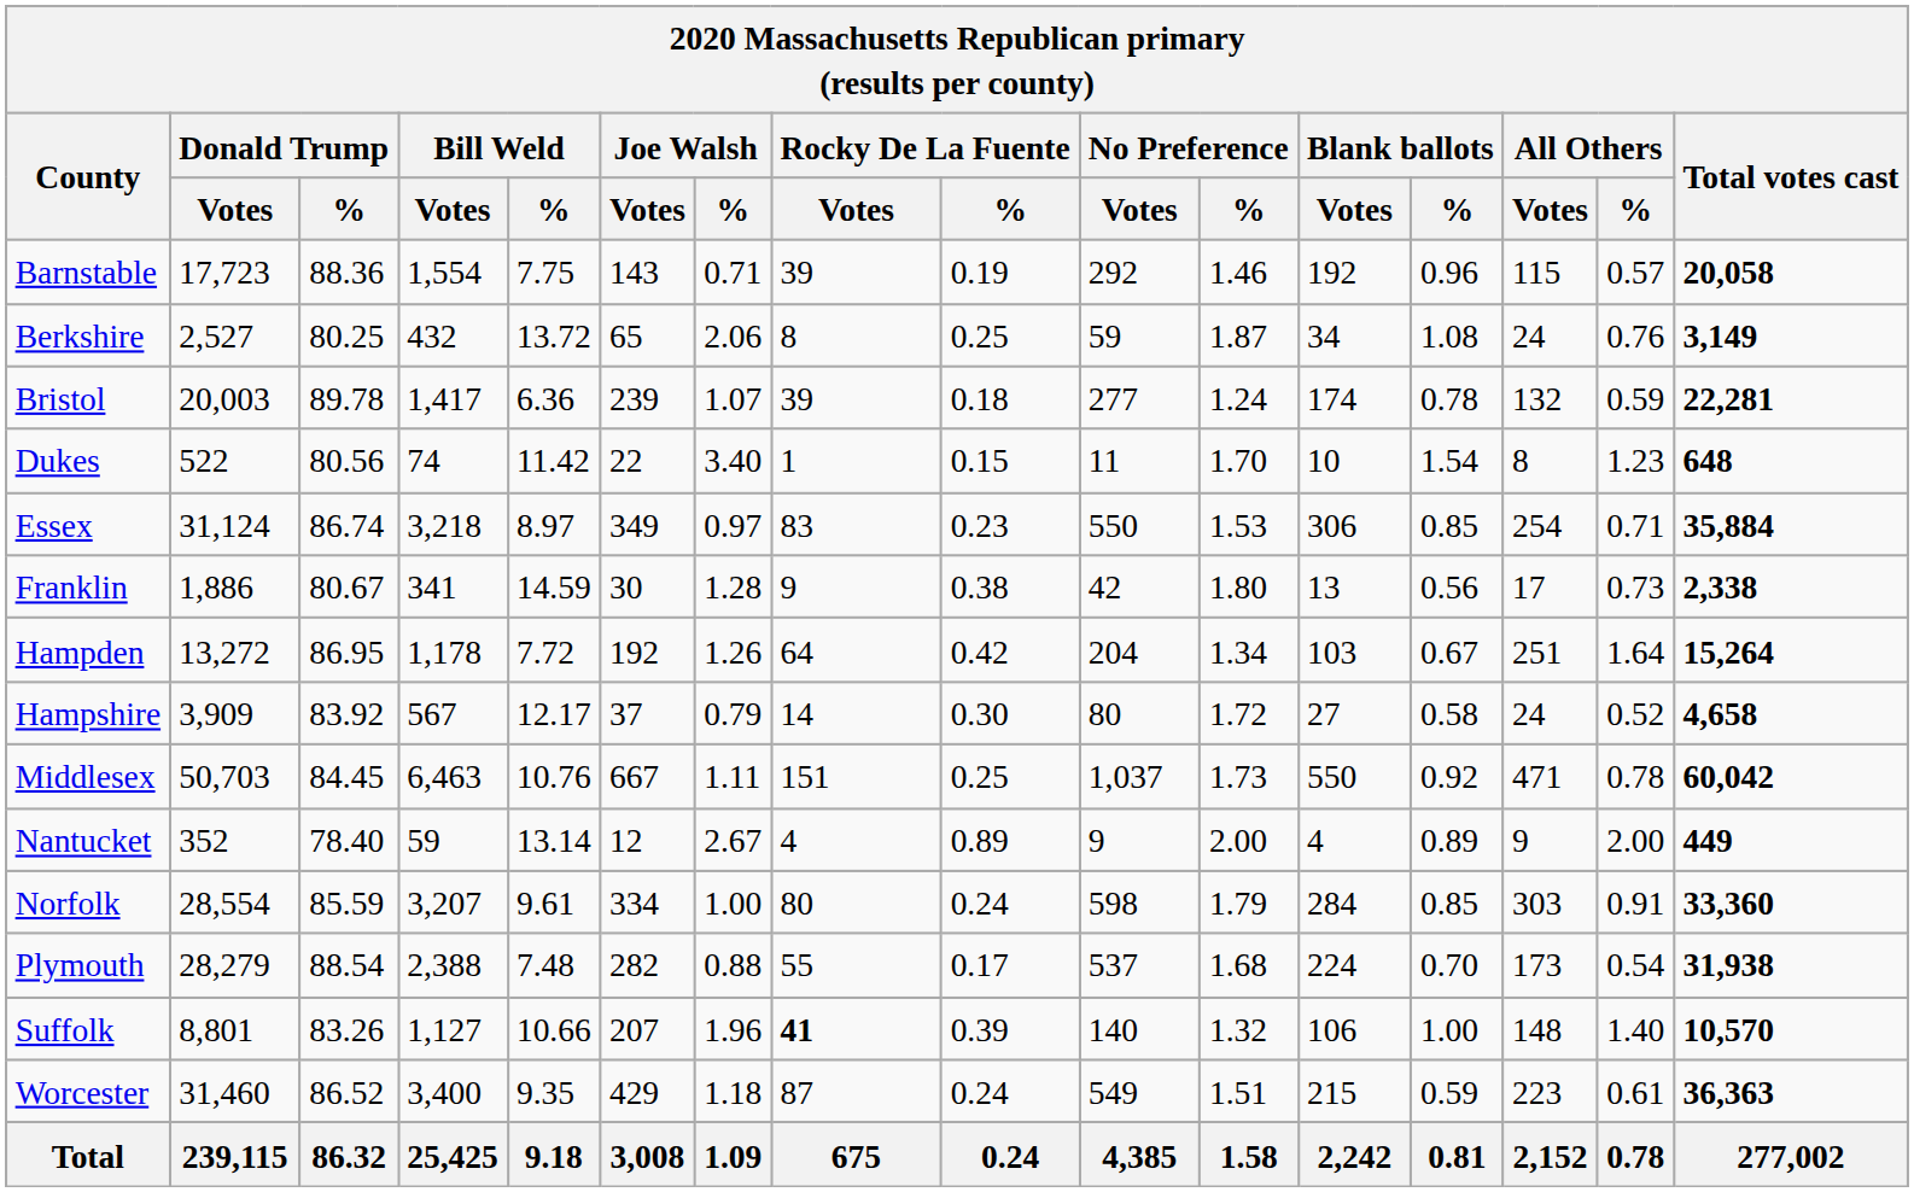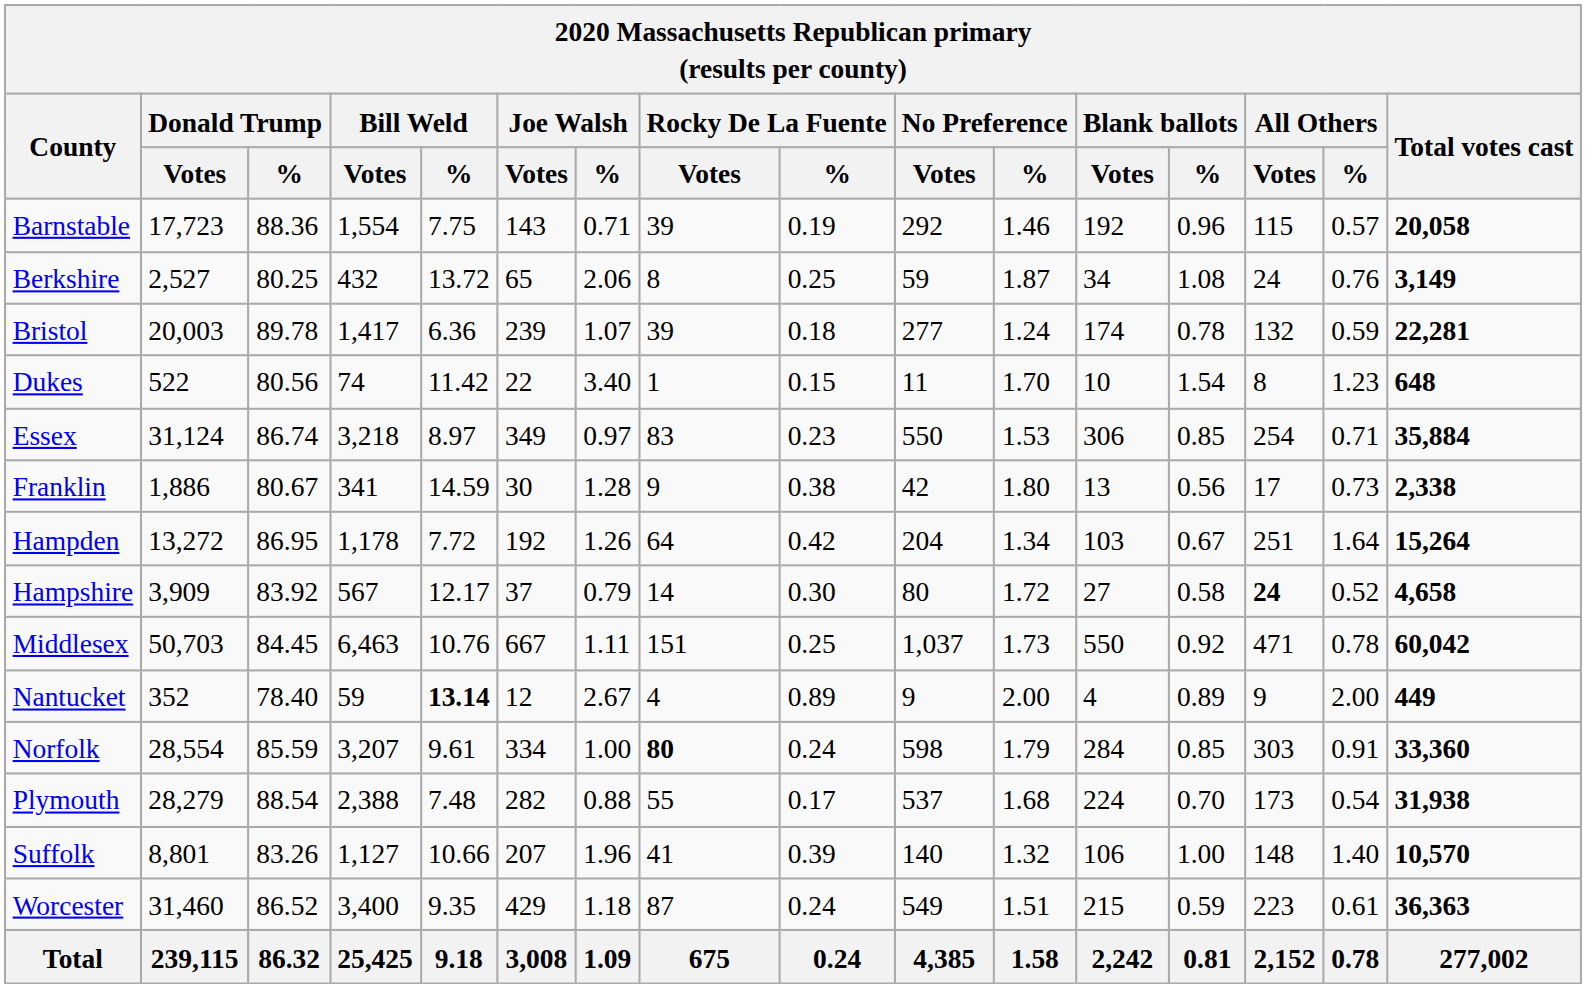 <table class="wikitable sortable mw-collapsible mw-collapsed">
 <tr>
 <th colspan="16"><small>2020 Massachusetts Republican primary</small><br><small>(results per county)</small></th>
 </tr>
 <tr>
 <th rowspan="2"><small>County</small></th>
 <th colspan="2"><small>Donald Trump</small></th>
 <th colspan="2"><small>Bill Weld</small></th>
 <th colspan="2"><small>Joe Walsh</small></th>
 <th colspan="2"><small>Rocky De La Fuente</small></th>
 <th colspan="2"><small>No Preference</small></th>
 <th colspan="2"><small>Blank ballots</small></th>
 <th colspan="2"><small>All Others</small></th>
 <th rowspan="2"><small>Total votes cast</small></th>
 </tr>
 <tr>
 <th><small>Votes</small></th>
 <th><small>%</small></th>
 <th><small>Votes</small></th>
 <th><small>%</small></th>
 <th><small>Votes</small></th>
 <th><small>%</small></th>
 <th><small>Votes</small></th>
 <th><small>%</small></th>
 <th><small>Votes</small></th>
 <th><small>%</small></th>
 <th><small>Votes</small></th>
 <th><small>%</small></th>
 <th><small>Votes</small></th>
 <th><small>%</small></th>
 </tr>
 <tr>
 <td><a href='#'><small>Barnstable</small></a></td>
 <td><small>17,723</small></td>
 <td><small>88.36</small></td>
 <td><small>1,554</small></td>
 <td><small>7.75</small></td>
 <td><small>143</small></td>
 <td><small>0.71</small></td>
 <td><small>39</small></td>
 <td><small>0.19</small></td>
 <td><small>292</small></td>
 <td><small>1.46</small></td>
 <td><small>192</small></td>
 <td><small>0.96</small></td>
 <td><small>115</small></td>
 <td><small>0.57</small></td>
 <td><strong><small>20,058</small></strong></td>
 </tr>
 <tr>
 <td><a href='#'><small>Berkshire</small></a></td>
 <td><small>2,527</small></td>
 <td><small>80.25</small></td>
 <td><small>432</small></td>
 <td><small>13.72</small></td>
 <td><small>65</small></td>
 <td><small>2.06</small></td>
 <td><small>8</small></td>
 <td><small>0.25</small></td>
 <td><small>59</small></td>
 <td><small>1.87</small></td>
 <td><small>34</small></td>
 <td><small>1.08</small></td>
 <td><small>24</small></td>
 <td><small>0.76</small></td>
 <td><strong><small>3,149</small></strong></td>
 </tr>
 <tr>
 <td><a href='#'><small>Bristol</small></a></td>
 <td><small>20,003</small></td>
 <td><small>89.78</small></td>
 <td><small>1,417</small></td>
 <td><small>6.36</small></td>
 <td><small>239</small></td>
 <td><small>1.07</small></td>
 <td><small>39</small></td>
 <td><small>0.18</small></td>
 <td><small>277</small></td>
 <td><small>1.24</small></td>
 <td><small>174</small></td>
 <td><small>0.78</small></td>
 <td><small>132</small></td>
 <td><small>0.59</small></td>
 <td><strong><small>22,281</small></strong></td>
 </tr>
 <tr>
 <td><a href='#'><small>Dukes</small></a></td>
 <td><small>522</small></td>
 <td><small>80.56</small></td>
 <td><small>74</small></td>
 <td><small>11.42</small></td>
 <td><small>22</small></td>
 <td><small>3.40</small></td>
 <td><small>1</small></td>
 <td><small>0.15</small></td>
 <td><small>11</small></td>
 <td><small>1.70</small></td>
 <td><small>10</small></td>
 <td><small>1.54</small></td>
 <td><small>8</small></td>
 <td><small>1.23</small></td>
 <td><strong><small>648</small></strong></td>
 </tr>
 <tr>
 <td><a href='#'><small>Essex</small></a></td>
 <td><small>31,124</small></td>
 <td><small>86.74</small></td>
 <td><small>3,218</small></td>
 <td><small>8.97</small></td>
 <td><small>349</small></td>
 <td><small>0.97</small></td>
 <td><small>83</small></td>
 <td><small>0.23</small></td>
 <td><small>550</small></td>
 <td><small>1.53</small></td>
 <td><small>306</small></td>
 <td><small>0.85</small></td>
 <td><small>254</small></td>
 <td><small>0.71</small></td>
 <td><strong><small>35,884</small></strong></td>
 </tr>
 <tr>
 <td><a href='#'><small>Franklin</small></a></td>
 <td><small>1,886</small></td>
 <td><small>80.67</small></td>
 <td><small>341</small></td>
 <td><small>14.59</small></td>
 <td><small>30</small></td>
 <td><small>1.28</small></td>
 <td><small>9</small></td>
 <td><small>0.38</small></td>
 <td><small>42</small></td>
 <td><small>1.80</small></td>
 <td><small>13</small></td>
 <td><small>0.56</small></td>
 <td><small>17</small></td>
 <td><small>0.73</small></td>
 <td><strong><small>2,338</small></strong></td>
 </tr>
 <tr>
 <td><a href='#'><small>Hampden</small></a></td>
 <td><small>13,272</small></td>
 <td><small>86.95</small></td>
 <td><small>1,178</small></td>
 <td><small>7.72</small></td>
 <td><small>192</small></td>
 <td><small>1.26</small></td>
 <td><small>64</small></td>
 <td><small>0.42</small></td>
 <td><small>204</small></td>
 <td><small>1.34</small></td>
 <td><small>103</small></td>
 <td><small>0.67</small></td>
 <td><small>251</small></td>
 <td><small>1.64</small></td>
 <td><strong><small>15,264</small></strong></td>
 </tr>
 <tr>
 <td><a href='#'><small>Hampshire</small></a></td>
 <td><small>3,909</small></td>
 <td><small>83.92</small></td>
 <td><small>567</small></td>
 <td><small>12.17</small></td>
 <td><small>37</small></td>
 <td><small>0.79</small></td>
 <td><small>14</small></td>
 <td><small>0.30</small></td>
 <td><small>80</small></td>
 <td><small>1.72</small></td>
 <td><small>27</small></td>
 <td><small>0.58</small></td>
-<td><small>24</small></td>
+<td><strong><small>24</small></strong></td>
 <td><small>0.52</small></td>
 <td><strong><small>4,658</small></strong></td>
 </tr>
 <tr>
 <td><a href='#'><small>Middlesex</small></a></td>
 <td><small>50,703</small></td>
 <td><small>84.45</small></td>
 <td><small>6,463</small></td>
 <td><small>10.76</small></td>
 <td><small>667</small></td>
 <td><small>1.11</small></td>
 <td><small>151</small></td>
 <td><small>0.25</small></td>
 <td><small>1,037</small></td>
 <td><small>1.73</small></td>
 <td><small>550</small></td>
 <td><small>0.92</small></td>
 <td><small>471</small></td>
 <td><small>0.78</small></td>
 <td><strong><small>60,042</small></strong></td>
 </tr>
 <tr>
 <td><a href='#'><small>Nantucket</small></a></td>
 <td><small>352</small></td>
 <td><small>78.40</small></td>
 <td><small>59</small></td>
-<td><small>13.14</small></td>
+<td><strong><small>13.14</small></strong></td>
 <td><small>12</small></td>
 <td><small>2.67</small></td>
 <td><small>4</small></td>
 <td><small>0.89</small></td>
 <td><small>9</small></td>
 <td><small>2.00</small></td>
 <td><small>4</small></td>
 <td><small>0.89</small></td>
 <td><small>9</small></td>
 <td><small>2.00</small></td>
 <td><strong><small>449</small></strong></td>
 </tr>
 <tr>
 <td><a href='#'><small>Norfolk</small></a></td>
 <td><small>28,554</small></td>
 <td><small>85.59</small></td>
 <td><small>3,207</small></td>
 <td><small>9.61</small></td>
 <td><small>334</small></td>
 <td><small>1.00</small></td>
-<td><small>80</small></td>
+<td><strong><small>80</small></strong></td>
 <td><small>0.24</small></td>
 <td><small>598</small></td>
 <td><small>1.79</small></td>
 <td><small>284</small></td>
 <td><small>0.85</small></td>
 <td><small>303</small></td>
 <td><small>0.91</small></td>
 <td><strong><small>33,360</small></strong></td>
 </tr>
 <tr>
 <td><a href='#'><small>Plymouth</small></a></td>
 <td><small>28,279</small></td>
 <td><small>88.54</small></td>
 <td><small>2,388</small></td>
 <td><small>7.48</small></td>
 <td><small>282</small></td>
 <td><small>0.88</small></td>
 <td><small>55</small></td>
 <td><small>0.17</small></td>
 <td><small>537</small></td>
 <td><small>1.68</small></td>
 <td><small>224</small></td>
 <td><small>0.70</small></td>
 <td><small>173</small></td>
 <td><small>0.54</small></td>
 <td><strong><small>31,938</small></strong></td>
 </tr>
 <tr>
 <td><a href='#'><small>Suffolk</small></a></td>
 <td><small>8,801</small></td>
 <td><small>83.26</small></td>
 <td><small>1,127</small></td>
 <td><small>10.66</small></td>
 <td><small>207</small></td>
 <td><small>1.96</small></td>
-<td><strong><small>41</small></strong></td>
+<td><small>41</small></td>
 <td><small>0.39</small></td>
 <td><small>140</small></td>
 <td><small>1.32</small></td>
 <td><small>106</small></td>
 <td><small>1.00</small></td>
 <td><small>148</small></td>
 <td><small>1.40</small></td>
 <td><strong><small>10,570</small></strong></td>
 </tr>
 <tr>
 <td><a href='#'><small>Worcester</small></a></td>
 <td><small>31,460</small></td>
 <td><small>86.52</small></td>
 <td><small>3,400</small></td>
 <td><small>9.35</small></td>
 <td><small>429</small></td>
 <td><small>1.18</small></td>
 <td><small>87</small></td>
 <td><small>0.24</small></td>
 <td><small>549</small></td>
 <td><small>1.51</small></td>
 <td><small>215</small></td>
 <td><small>0.59</small></td>
 <td><small>223</small></td>
 <td><small>0.61</small></td>
 <td><strong><small>36,363</small></strong></td>
 </tr>
 <tr>
 <th><small>Total</small></th>
 <th><strong><small>239,115</small></strong></th>
 <th><strong><small>86.32</small></strong></th>
 <th><strong><small>25,425</small></strong></th>
 <th><strong><small>9.18</small></strong></th>
 <th><strong><small>3,008</small></strong></th>
 <th><strong><small>1.09</small></strong></th>
 <th><strong><small>675</small></strong></th>
 <th><strong><small>0.24</small></strong></th>
 <th><strong><small>4,385</small></strong></th>
 <th><strong><small>1.58</small></strong></th>
 <th><strong><small>2,242</small></strong></th>
 <th><strong><small>0.81</small></strong></th>
 <th><strong><small>2,152</small></strong></th>
 <th><strong><small>0.78</small></strong></th>
 <th><strong><small>277,002</small></strong></th>
 </tr>
 </table>
